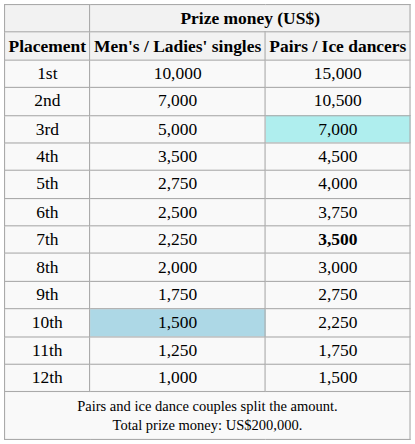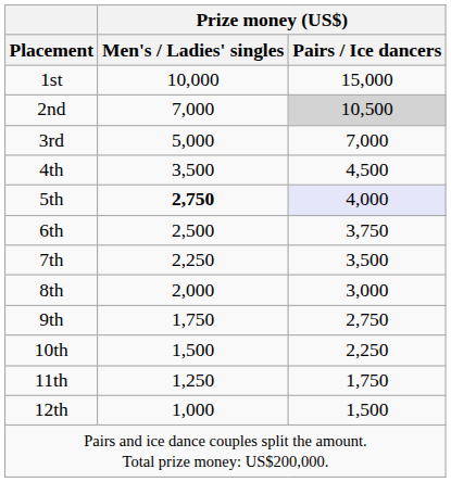 <table class="wikitable" style="text-align:center">
 <tr>
 <th></th>
 <th colspan=2>Prize money (US$)</th>
 </tr>
 <tr>
 <th>Placement</th>
 <th>Men's / Ladies' singles</th>
 <th>Pairs / Ice dancers</th>
 </tr>
 <tr>
 <td>1st</td>
 <td>10,000</td>
 <td>15,000</td>
 </tr>
 <tr>
 <td>2nd</td>
 <td>7,000</td>
-<td>10,500</td>
+<td style="background: lightgrey;">10,500</td>
 </tr>
 <tr>
 <td>3rd</td>
 <td>5,000</td>
-<td style="background: paleturquoise;">7,000</td>
+<td>7,000</td>
 </tr>
 <tr>
 <td>4th</td>
 <td>3,500</td>
 <td>4,500</td>
 </tr>
 <tr>
 <td>5th</td>
-<td>2,750</td>
-<td>4,000</td>
+<td><strong>2,750</strong></td>
+<td style="background: lavender;">4,000</td>
 </tr>
 <tr>
 <td>6th</td>
 <td>2,500</td>
 <td>3,750</td>
 </tr>
 <tr>
 <td>7th</td>
 <td>2,250</td>
-<td><strong>3,500</strong></td>
+<td>3,500</td>
 </tr>
 <tr>
 <td>8th</td>
 <td>2,000</td>
 <td>3,000</td>
 </tr>
 <tr>
 <td>9th</td>
 <td>1,750</td>
 <td>2,750</td>
 </tr>
 <tr>
 <td>10th</td>
-<td style="background: lightblue;">1,500</td>
+<td>1,500</td>
 <td>2,250</td>
 </tr>
 <tr>
 <td>11th</td>
 <td>1,250</td>
 <td>1,750</td>
 </tr>
 <tr>
 <td>12th</td>
 <td>1,000</td>
 <td>1,500</td>
 </tr>
 <tr>
 <td colspan=3 align=center><small> Pairs and ice dance couples split the amount. <br> Total prize money: US$200,000. </small></td>
 </tr>
 </table>
